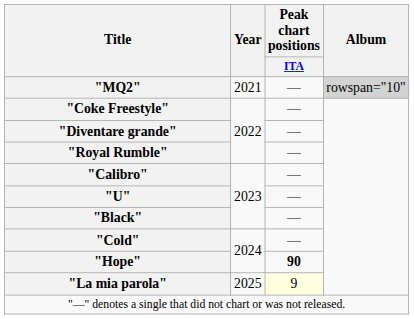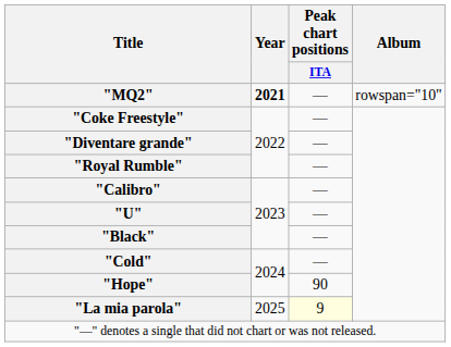 <table class="wikitable plainrowheaders" style="text-align:center;">
 <tr>
 <th scope="col" rowspan="2" style="width:16em;">Title</th>
 <th scope="col" rowspan="2" style="width:1em;">Year</th>
 <th scope="col" colspan="1">Peak chart positions</th>
 <th scope="col" rowspan="2">Album</th>
 </tr>
 <tr>
 <th scope="col" style="width:3em;font-size:85%;"><a href='#'>ITA</a></th>
 </tr>
 <tr>
 <th scope="row">"MQ2"</th>
-<td>2021</td>
+<td><strong>2021</strong></td>
 <td>—</td>
-<td style="background: lightgrey;">rowspan="10" </td>
+<td>rowspan="10" </td>
 </tr>
 <tr>
 <th scope="row">"Coke Freestyle"</th>
 <td rowspan="3">2022</td>
 <td>—</td>
 </tr>
 <tr>
 <th scope="row">"Diventare grande"</th>
 <td>—</td>
 </tr>
 <tr>
 <th scope="row">"Royal Rumble"<br></th>
 <td>—</td>
 </tr>
 <tr>
 <th scope="row">"Calibro"<br></th>
 <td rowspan="3">2023</td>
 <td>—</td>
 </tr>
 <tr>
 <th scope="row">"U"</th>
 <td>—</td>
 </tr>
 <tr>
 <th scope="row">"Black"</th>
 <td>—</td>
 </tr>
 <tr>
 <th scope="row">"Cold"<br></th>
 <td rowspan="2">2024</td>
 <td>—</td>
 </tr>
 <tr>
 <th scope="row">"Hope"<br></th>
-<td><strong>90</strong></td>
+<td>90</td>
 </tr>
 <tr>
 <th scope="row">"La mia parola"<br></th>
 <td>2025</td>
 <td style="background: lightyellow;">9</td>
 </tr>
 <tr>
 <td colspan="4" style="text-align:center; font-size:85%;">"—" denotes a single that did not chart or was not released.</td>
 </tr>
 </table>
